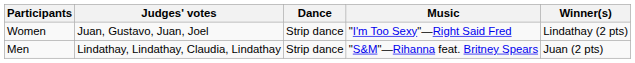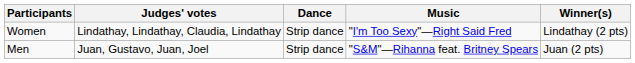 <table class="wikitable" style="width:95%; white-space:nowrap;">
 <tr>
 <th>Participants</th>
 <th>Judges' votes</th>
 <th>Dance</th>
 <th>Music</th>
 <th>Winner(s)</th>
 </tr>
 <tr>
 <td>Women</td>
-<td>Juan, Gustavo, Juan, Joel</td>
+<td>Lindathay, Lindathay, Claudia, Lindathay</td>
 <td>Strip dance</td>
 <td>"<a href='#'>I'm Too Sexy</a>"—<a href='#'>Right Said Fred</a></td>
 <td>Lindathay (2 pts)</td>
 </tr>
 <tr>
 <td>Men</td>
-<td>Lindathay, Lindathay, Claudia, Lindathay</td>
+<td>Juan, Gustavo, Juan, Joel</td>
 <td>Strip dance</td>
 <td>"<a href='#'>S&M</a>"—<a href='#'>Rihanna</a> feat. <a href='#'>Britney Spears</a></td>
 <td>Juan (2 pts)</td>
 </tr>
 </table>
